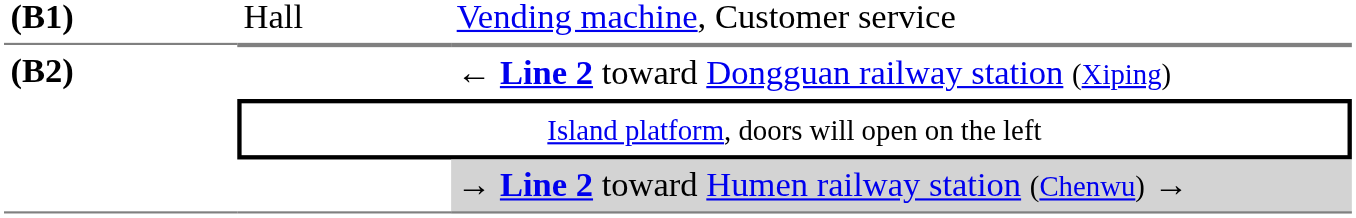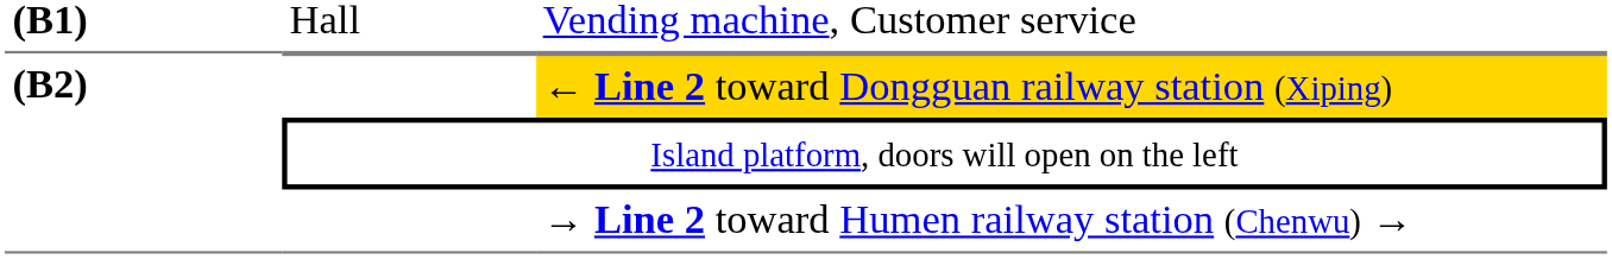 <table table border=0 cellspacing=0 cellpadding=3>
 <tr>
 <td style="border-bottom:solid 1px gray;border-top:solid 0px gray;" width=110 valign=top><strong>(B1)</strong></td>
 <td style="border-top:solid 0px gray;border-bottom:solid 1px gray;" width=100 valign=top>Hall</td>
 <td style="border-top:solid 0px gray;border-bottom:solid 1px gray;" width=390 valign=top><a href='#'>Vending machine</a>, Customer service</td>
 </tr>
 <tr>
 <td style="border-top:solid 0px gray;border-bottom:solid 1px gray;" width=110 rowspan=3 valign=top><strong>(B2)</strong></td>
 <td style="border-top:solid 1px gray;" width=100><span><strong> </strong></span></td>
-<td style="border-top:solid 1px gray;" width=450>← <a href='#'><span><strong>Line 2</strong></span></a> toward <a href='#'>Dongguan railway station</a> <small>(<a href='#'>Xiping</a>)</small></td>
+<td style="background: gold; border-top:solid 1px gray;" width=450>← <a href='#'><span><strong>Line 2</strong></span></a> toward <a href='#'>Dongguan railway station</a> <small>(<a href='#'>Xiping</a>)</small></td>
 </tr>
 <tr>
 <td style="border-top:solid 2px black;border-right:solid 2px black;border-left:solid 2px black;border-bottom:solid 2px black;text-align:center;" colspan=2><small><a href='#'>Island platform</a>, doors will open on the left</small></td>
 </tr>
 <tr>
 <td style="border-bottom:solid 1px gray;" width=100><span><strong> </strong></span></td>
-<td style="background: lightgrey; border-bottom:solid 1px gray;" width=390><span>→</span> <a href='#'><span><strong>Line 2</strong></span></a> toward <a href='#'>Humen railway station</a> <small>(<a href='#'>Chenwu</a>)</small> →</td>
+<td style="border-bottom:solid 1px gray;" width=390><span>→</span> <a href='#'><span><strong>Line 2</strong></span></a> toward <a href='#'>Humen railway station</a> <small>(<a href='#'>Chenwu</a>)</small> →</td>
 </tr>
 </table>
